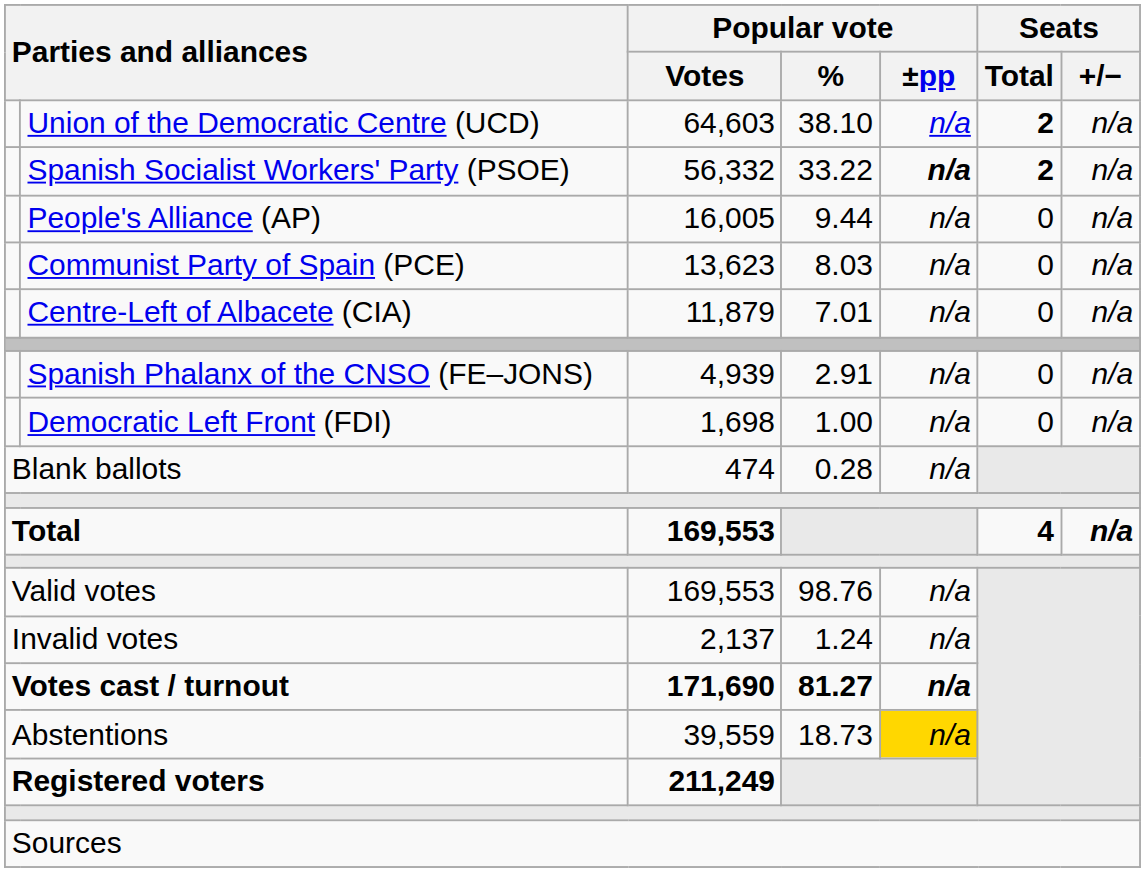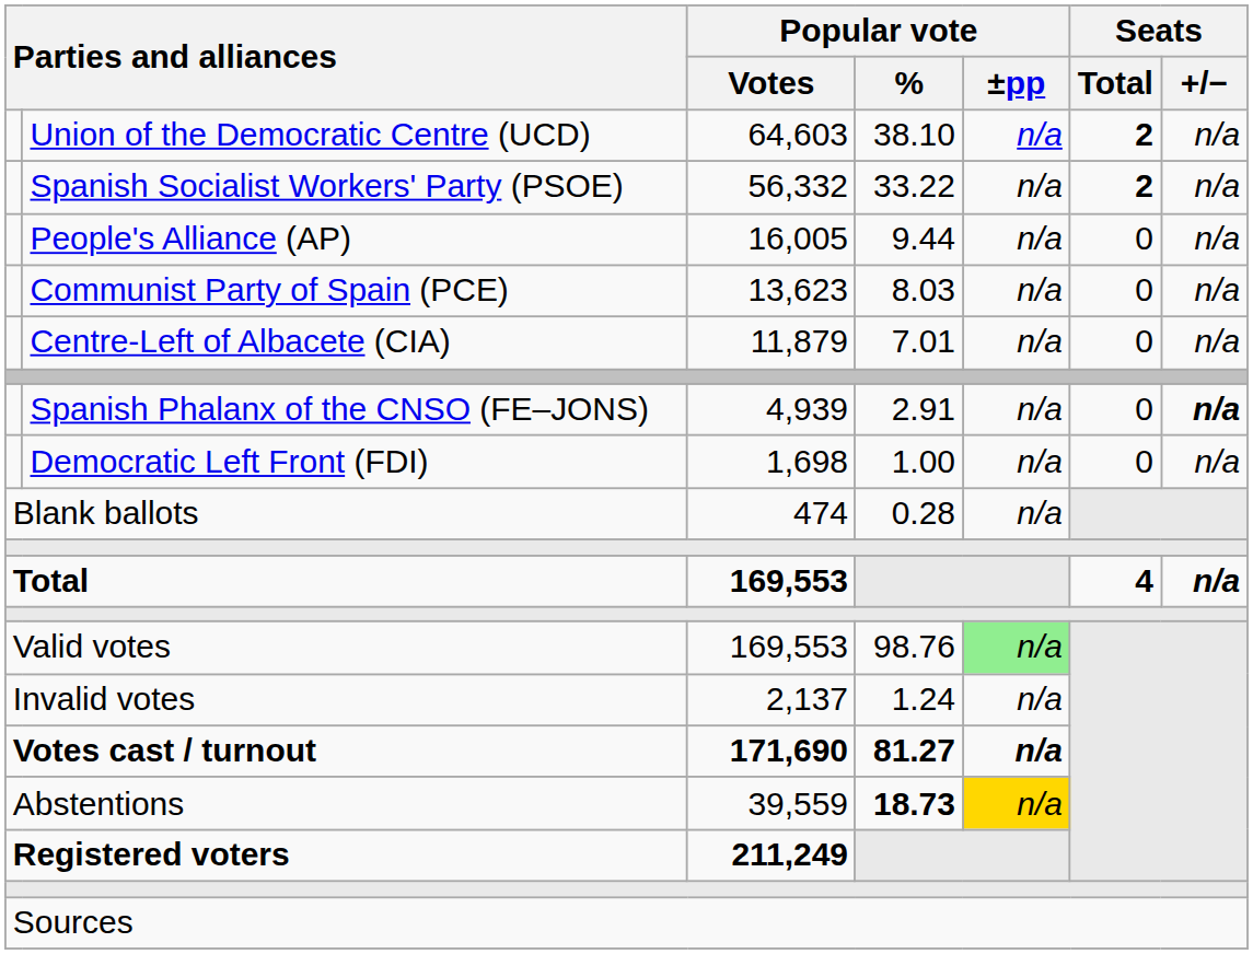 <table class="wikitable" style="text-align:right;">
 <tr>
 <th style="text-align:left;" rowspan="2" colspan="2" width="525">Parties and alliances</th>
 <th colspan="3">Popular vote</th>
 <th colspan="2">Seats</th>
 </tr>
 <tr>
 <th width="75">Votes</th>
 <th width="45">%</th>
 <th width="45">±<a href='#'>pp</a></th>
 <th width="35">Total</th>
 <th width="35">+/−</th>
 </tr>
 <tr>
 <td width="1" style="color:inherit;background:"></td>
 <td align="left"><a href='#'>Union of the Democratic Centre</a> (UCD)</td>
 <td>64,603</td>
 <td>38.10</td>
 <td><em><a href='#'>n/a</a></em></td>
 <td><strong>2</strong></td>
 <td><em>n/a</em></td>
 </tr>
 <tr>
 <td style="color:inherit;background:"></td>
 <td align="left"><a href='#'>Spanish Socialist Workers' Party</a> (PSOE)</td>
 <td>56,332</td>
 <td>33.22</td>
-<td><strong><em>n/a</em></strong></td>
+<td><em>n/a</em></td>
 <td><strong>2</strong></td>
 <td><em>n/a</em></td>
 </tr>
 <tr>
 <td style="color:inherit;background:"></td>
 <td align="left"><a href='#'>People's Alliance</a> (AP)</td>
 <td>16,005</td>
 <td>9.44</td>
 <td><em>n/a</em></td>
 <td>0</td>
 <td><em>n/a</em></td>
 </tr>
 <tr>
 <td style="color:inherit;background:"></td>
 <td align="left"><a href='#'>Communist Party of Spain</a> (PCE)</td>
 <td>13,623</td>
 <td>8.03</td>
 <td><em>n/a</em></td>
 <td>0</td>
 <td><em>n/a</em></td>
 </tr>
 <tr>
 <td style="color:inherit;background:"></td>
 <td align="left"><a href='#'>Centre-Left of Albacete</a> (CIA)</td>
 <td>11,879</td>
 <td>7.01</td>
 <td><em>n/a</em></td>
 <td>0</td>
 <td><em>n/a</em></td>
 </tr>
 <tr>
 <td colspan="7" bgcolor="#C0C0C0"></td>
 </tr>
 <tr>
 <td style="color:inherit;background:"></td>
 <td align="left"><a href='#'>Spanish Phalanx of the CNSO</a> (FE–JONS)</td>
 <td>4,939</td>
 <td>2.91</td>
 <td><em>n/a</em></td>
 <td>0</td>
-<td><em>n/a</em></td>
+<td><strong><em>n/a</em></strong></td>
 </tr>
 <tr>
 <td style="color:inherit;background:"></td>
 <td align="left"><a href='#'>Democratic Left Front</a> (FDI)</td>
 <td>1,698</td>
 <td>1.00</td>
 <td><em>n/a</em></td>
 <td>0</td>
 <td><em>n/a</em></td>
 </tr>
 <tr>
 <td align="left" colspan="2">Blank ballots</td>
 <td>474</td>
 <td>0.28</td>
 <td><em>n/a</em></td>
 <td bgcolor="#E9E9E9" colspan="2"></td>
 </tr>
 <tr>
 <td colspan="7" bgcolor="#E9E9E9"></td>
 </tr>
 <tr style="font-weight:bold;">
 <td align="left" colspan="2">Total</td>
 <td>169,553</td>
 <td bgcolor="#E9E9E9" colspan="2"></td>
 <td>4</td>
 <td><em>n/a</em></td>
 </tr>
 <tr>
 <td colspan="7" bgcolor="#E9E9E9"></td>
 </tr>
 <tr>
 <td align="left" colspan="2">Valid votes</td>
 <td>169,553</td>
 <td>98.76</td>
-<td><em>n/a</em></td>
+<td style="background: lightgreen;"><em>n/a</em></td>
 <td bgcolor="#E9E9E9" colspan="2" rowspan="5"></td>
 </tr>
 <tr>
 <td align="left" colspan="2">Invalid votes</td>
 <td>2,137</td>
 <td>1.24</td>
 <td><em>n/a</em></td>
 </tr>
 <tr style="font-weight:bold;">
 <td align="left" colspan="2">Votes cast / turnout</td>
 <td>171,690</td>
 <td>81.27</td>
 <td><em>n/a</em></td>
 </tr>
 <tr>
 <td align="left" colspan="2">Abstentions</td>
 <td>39,559</td>
-<td>18.73</td>
+<td><strong>18.73</strong></td>
 <td style="background: gold;"><em>n/a</em></td>
 </tr>
 <tr style="font-weight:bold;">
 <td align="left" colspan="2">Registered voters</td>
 <td>211,249</td>
 <td bgcolor="#E9E9E9" colspan="2"></td>
 </tr>
 <tr>
 <td colspan="7" bgcolor="#E9E9E9"></td>
 </tr>
 <tr>
 <td align="left" colspan="7">Sources</td>
 </tr>
 </table>
